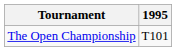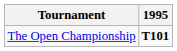 <table class="wikitable" style="font-size:95%;text-align:center;">
 <tr>
 <th>Tournament</th>
 <th>1995</th>
 </tr>
 <tr>
 <td align=left><a href='#'>The Open Championship</a></td>
-<td>T101</td>
+<td><strong>T101</strong></td>
 </tr>
 </table>
